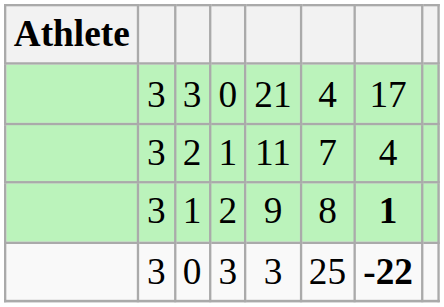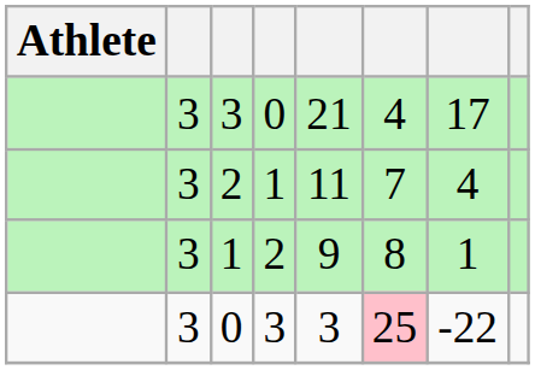 <table class=wikitable style="text-align:center">
 <tr>
 <th>Athlete</th>
 <th></th>
 <th></th>
 <th></th>
 <th></th>
 <th></th>
 <th></th>
 <th></th>
 </tr>
 <tr bgcolor=bbf3bb>
 <td style="text-align:left"></td>
 <td>3</td>
 <td>3</td>
 <td>0</td>
 <td>21</td>
 <td>4</td>
 <td>17</td>
 <td></td>
 </tr>
 <tr bgcolor=bbf3bb>
 <td style="text-align:left"></td>
 <td>3</td>
 <td>2</td>
 <td>1</td>
 <td>11</td>
 <td>7</td>
 <td>4</td>
 <td></td>
 </tr>
 <tr bgcolor=bbf3bb>
 <td style="text-align:left"></td>
 <td>3</td>
 <td>1</td>
 <td>2</td>
 <td>9</td>
 <td>8</td>
-<td><strong>1</strong></td>
+<td>1</td>
 <td></td>
 </tr>
 <tr>
 <td style="text-align:left"></td>
 <td>3</td>
 <td>0</td>
 <td>3</td>
 <td>3</td>
-<td>25</td>
-<td><strong>-22</strong></td>
+<td style="background: pink;">25</td>
+<td>-22</td>
 <td></td>
 </tr>
 <tr>
 </tr>
 </table>
